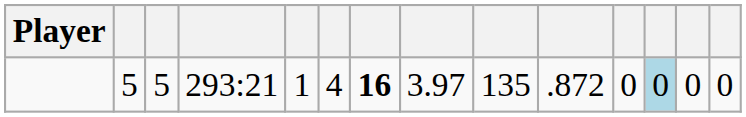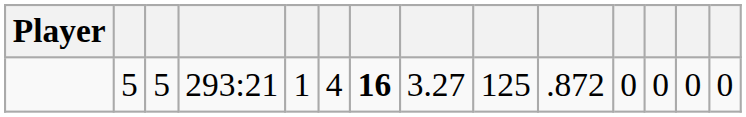 <table class="wikitable sortable" style="text-align:center;">
 <tr>
 <th>Player</th>
 <th></th>
 <th></th>
 <th></th>
 <th></th>
 <th></th>
 <th></th>
 <th></th>
 <th></th>
 <th></th>
 <th></th>
 <th></th>
 <th></th>
 <th></th>
 </tr>
 <tr>
 <td></td>
 <td>5</td>
 <td>5</td>
 <td>293:21</td>
 <td>1</td>
 <td>4</td>
 <td><strong>16</strong></td>
-<td>3.97</td>
-<td>135</td>
+<td>3.27</td>
+<td>125</td>
 <td>.872</td>
 <td>0</td>
-<td style="background: lightblue;">0</td>
+<td>0</td>
 <td>0</td>
 <td>0</td>
 </tr>
 </table>
